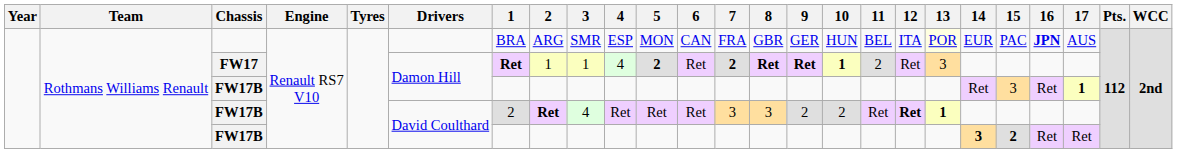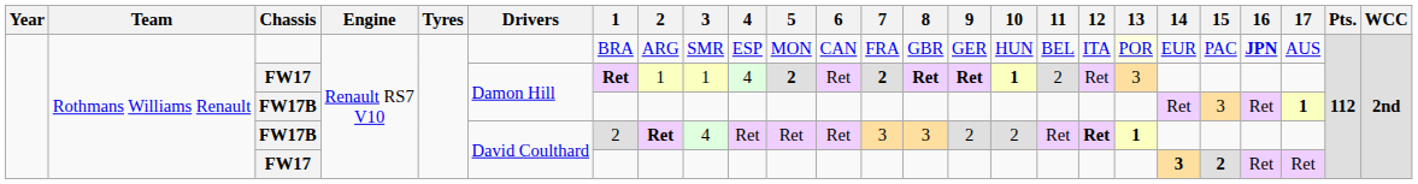 <table class="wikitable" style="text-align:center; font-size:95%">
 <tr>
 <th>Year</th>
 <th>Team</th>
 <th>Chassis</th>
 <th>Engine</th>
 <th>Tyres</th>
 <th>Drivers</th>
 <th>1</th>
 <th>2</th>
 <th>3</th>
 <th>4</th>
 <th>5</th>
 <th>6</th>
 <th>7</th>
 <th>8</th>
 <th>9</th>
 <th>10</th>
 <th>11</th>
 <th>12</th>
 <th>13</th>
 <th>14</th>
 <th>15</th>
 <th>16</th>
 <th>17</th>
 <th>Pts.</th>
 <th>WCC</th>
 </tr>
 <tr>
 <td rowspan="5"></td>
 <td rowspan="5"><a href='#'>Rothmans</a> <a href='#'>Williams</a> <a href='#'>Renault</a></td>
 <td></td>
 <td rowspan="5"><a href='#'>Renault</a> RS7<br><a href='#'>V10</a></td>
 <td rowspan="5"></td>
 <td></td>
 <td><a href='#'>BRA</a></td>
 <td><a href='#'>ARG</a></td>
 <td><a href='#'>SMR</a></td>
 <td><a href='#'>ESP</a></td>
 <td><a href='#'>MON</a></td>
 <td><a href='#'>CAN</a></td>
 <td><a href='#'>FRA</a></td>
 <td><a href='#'>GBR</a></td>
 <td><a href='#'>GER</a></td>
 <td><a href='#'>HUN</a></td>
 <td><a href='#'>BEL</a></td>
 <td><a href='#'>ITA</a></td>
 <td style="background: lightyellow;"><a href='#'>POR</a></td>
 <td><a href='#'>EUR</a></td>
 <td><a href='#'>PAC</a></td>
 <td><strong><a href='#'>JPN</a></strong></td>
 <td><a href='#'>AUS</a></td>
 <td rowspan="5" style="background:#DFDFDF;"><strong>112</strong></td>
 <td rowspan="5" style="background:#DFDFDF;"><strong>2nd</strong></td>
 </tr>
 <tr>
 <th>FW17</th>
 <td align="left" rowspan="2"><a href='#'>Damon Hill</a></td>
 <td style="background:#EFCFFF;"><strong>Ret</strong></td>
 <td style="background:#FBFFBF;">1</td>
 <td style="background:#FBFFBF;">1</td>
 <td style="background:#DFFFDF;">4</td>
 <td style="background:#DFDFDF;"><strong>2</strong></td>
 <td style="background:#EFCFFF;">Ret</td>
 <td style="background:#DFDFDF;"><strong>2</strong></td>
 <td style="background:#EFCFFF;"><strong>Ret</strong></td>
 <td style="background:#EFCFFF;"><strong>Ret</strong></td>
 <td style="background:#FBFFBF;"><strong>1</strong></td>
 <td style="background:#DFDFDF;">2</td>
 <td style="background:#EFCFFF;">Ret</td>
 <td style="background:#FFDF9F;">3</td>
 <td></td>
 <td></td>
 <td></td>
 <td></td>
 </tr>
 <tr>
 <th>FW17B</th>
 <td></td>
 <td></td>
 <td></td>
 <td></td>
 <td></td>
 <td></td>
 <td></td>
 <td></td>
 <td></td>
 <td></td>
 <td></td>
 <td></td>
 <td></td>
 <td style="background:#EFCFFF;">Ret</td>
 <td style="background:#FFDF9F;">3</td>
 <td style="background:#EFCFFF;">Ret</td>
 <td style="background:#FBFFBF;"><strong>1</strong></td>
 </tr>
 <tr>
 <th>FW17B</th>
 <td align="left" rowspan="2"><a href='#'>David Coulthard</a></td>
 <td style="background:#DFDFDF;">2</td>
 <td style="background:#EFCFFF;"><strong>Ret</strong></td>
 <td style="background:#DFFFDF;">4</td>
 <td style="background:#EFCFFF;">Ret</td>
 <td style="background:#EFCFFF;">Ret</td>
 <td style="background:#EFCFFF;">Ret</td>
 <td style="background:#FFDF9F;">3</td>
 <td style="background:#FFDF9F;">3</td>
 <td style="background:#DFDFDF;">2</td>
 <td style="background:#DFDFDF;">2</td>
 <td style="background:#EFCFFF;">Ret</td>
 <td style="background:#EFCFFF;"><strong>Ret</strong></td>
 <td style="background:#FBFFBF;"><strong>1</strong></td>
 <td></td>
 <td></td>
 <td></td>
 <td></td>
 </tr>
 <tr>
-<th>FW17B</th>
+<th>FW17</th>
 <td></td>
 <td></td>
 <td></td>
 <td></td>
 <td></td>
 <td></td>
 <td></td>
 <td></td>
 <td></td>
 <td></td>
 <td></td>
 <td></td>
 <td></td>
 <td style="background:#FFDF9F;"><strong>3</strong></td>
 <td style="background:#DFDFDF;"><strong>2</strong></td>
 <td style="background:#EFCFFF;">Ret</td>
 <td style="background:#EFCFFF;">Ret</td>
 </tr>
 </table>
